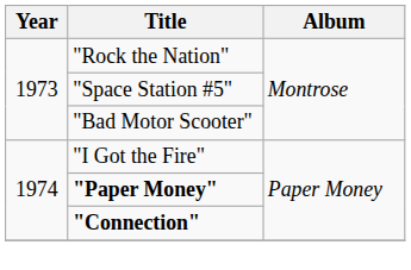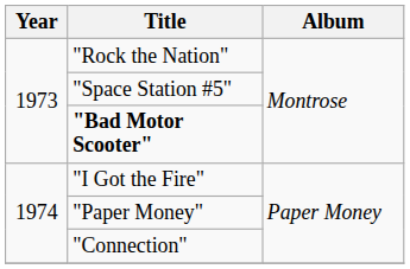 <table class="wikitable">
 <tr>
 <th align="center" valign="top" width="40">Year</th>
 <th align="left" valign="top" width="140">Title</th>
 <th align="left" valign="top" width="100">Album</th>
 </tr>
 <tr>
 <td rowspan = 3 align="center" valign="center">1973</td>
 <td align="left" valign="top">"Rock the Nation"</td>
 <td rowspan = 3 align="left" valign="center"><em>Montrose</em></td>
 </tr>
 <tr>
 <td align="left" valign="top">"Space Station #5"</td>
 </tr>
 <tr>
-<td align="left" valign="top">"Bad Motor Scooter"</td>
+<td align="left" valign="top"><strong>"Bad Motor Scooter"</strong></td>
 </tr>
 <tr>
 <td rowspan = 3 align="center" valign="center">1974</td>
 <td align="left" valign="top">"I Got the Fire"</td>
 <td rowspan = 3 align="left" valign="center"><em>Paper Money</em></td>
 </tr>
 <tr>
-<td align="left" valign="top"><strong>"Paper Money"</strong></td>
+<td align="left" valign="top">"Paper Money"</td>
 </tr>
 <tr>
-<td align="left" valign="top"><strong>"Connection"</strong></td>
+<td align="left" valign="top">"Connection"</td>
 </tr>
 <tr>
 </tr>
 </table>
